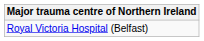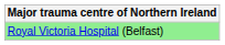 <table class="wikitable">
 <tr>
 <th>Major trauma centre of Northern Ireland</th>
 </tr>
 <tr>
-<td><a href='#'>Royal Victoria Hospital</a> (Belfast)</td>
+<td style="background: lightgreen;"><a href='#'>Royal Victoria Hospital</a> (Belfast)</td>
 </tr>
 </table>
